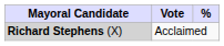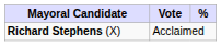 <table class="wikitable">
 <tr>
 <th style="background:#ddf; width:200px;">Mayoral Candidate</th>
 <th style="background:#ddf; width:50px;">Vote</th>
 <th style="background:#ddf; width:30px;">%</th>
 </tr>
 <tr>
-<td style="background: lightgrey;"><strong>Richard Stephens</strong> (X)</td>
+<td><strong>Richard Stephens</strong> (X)</td>
 <td colspan="2">Acclaimed</td>
 </tr>
 </table>
